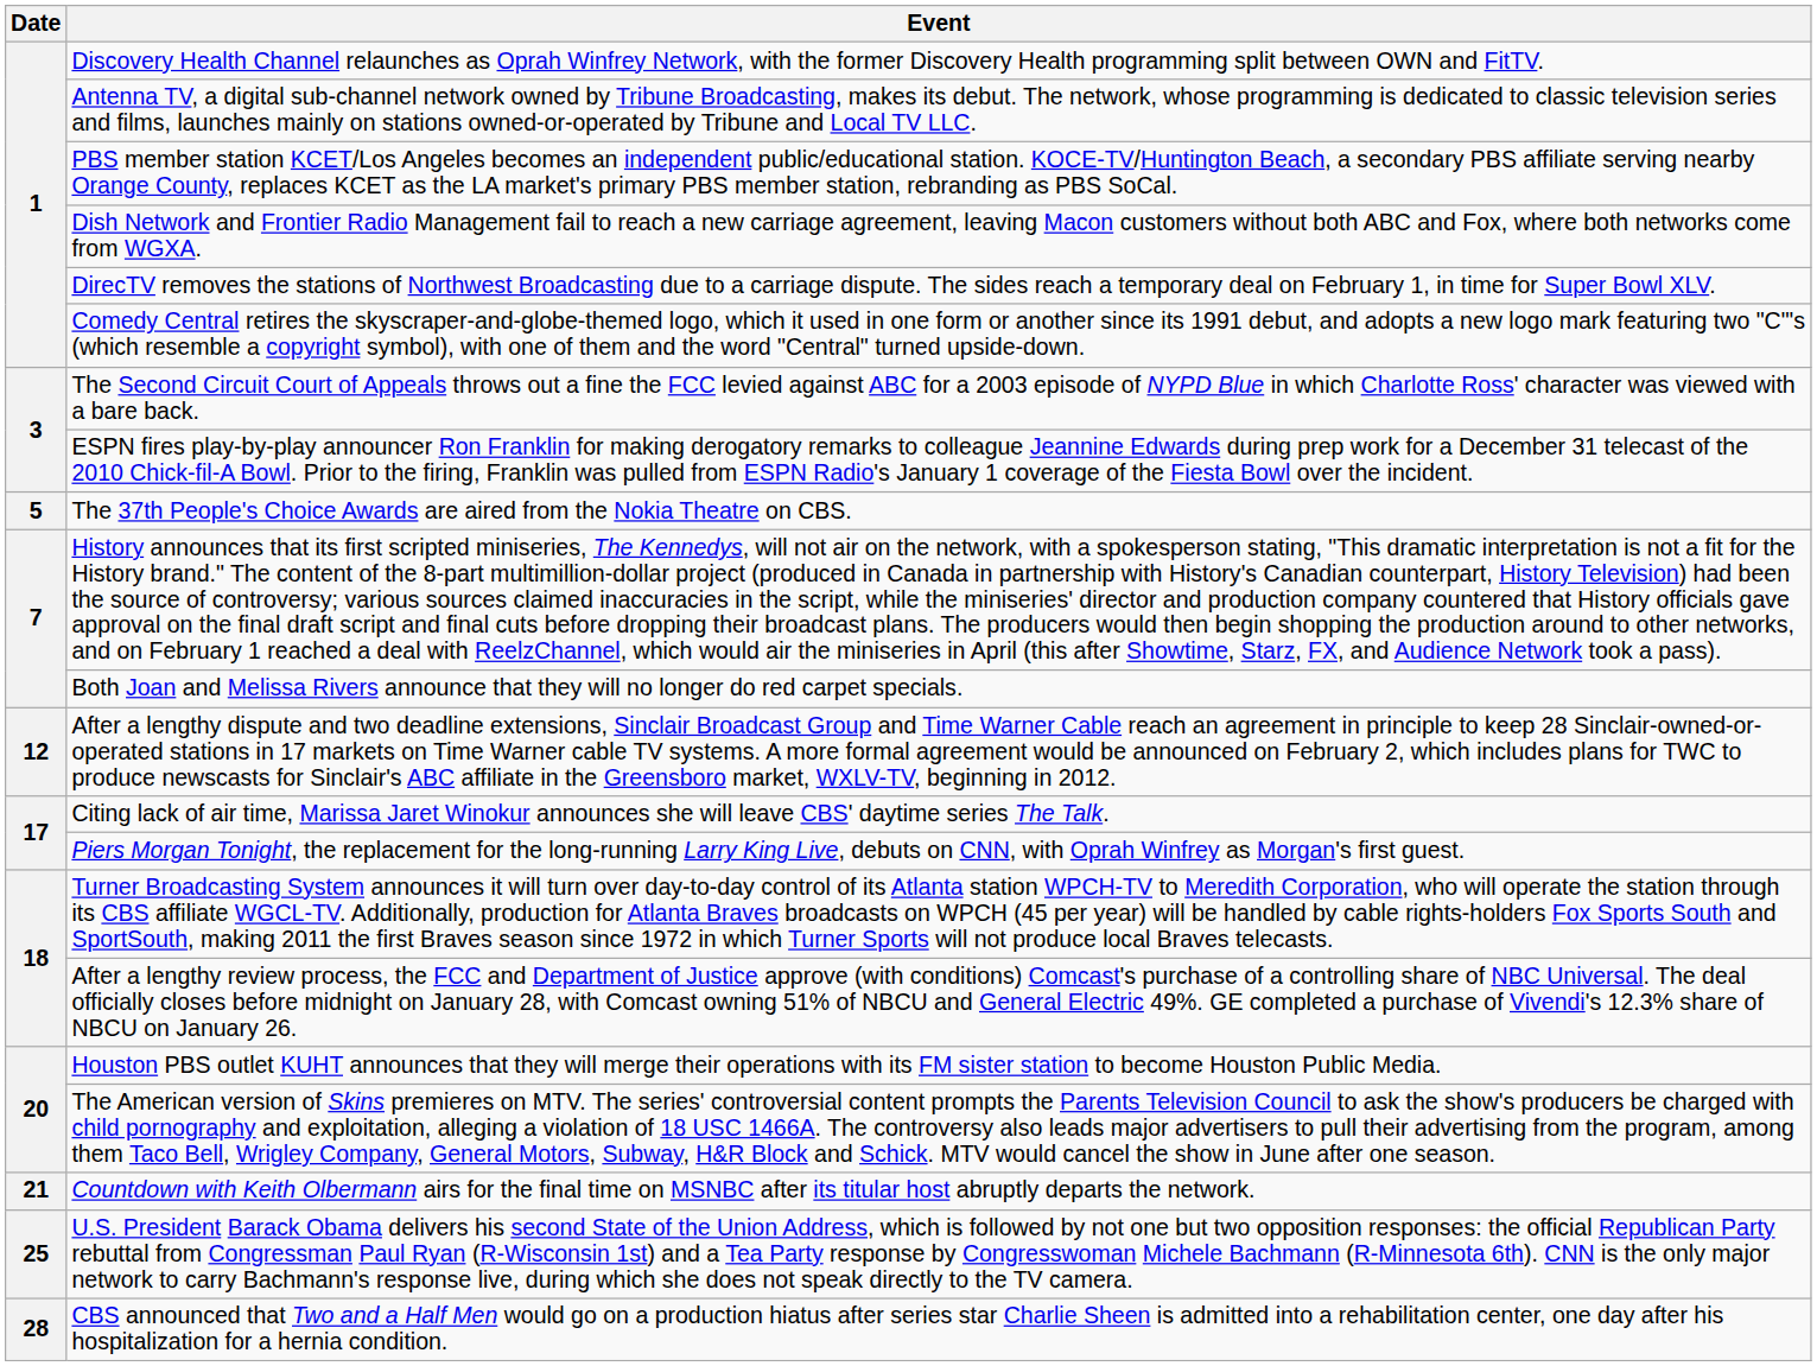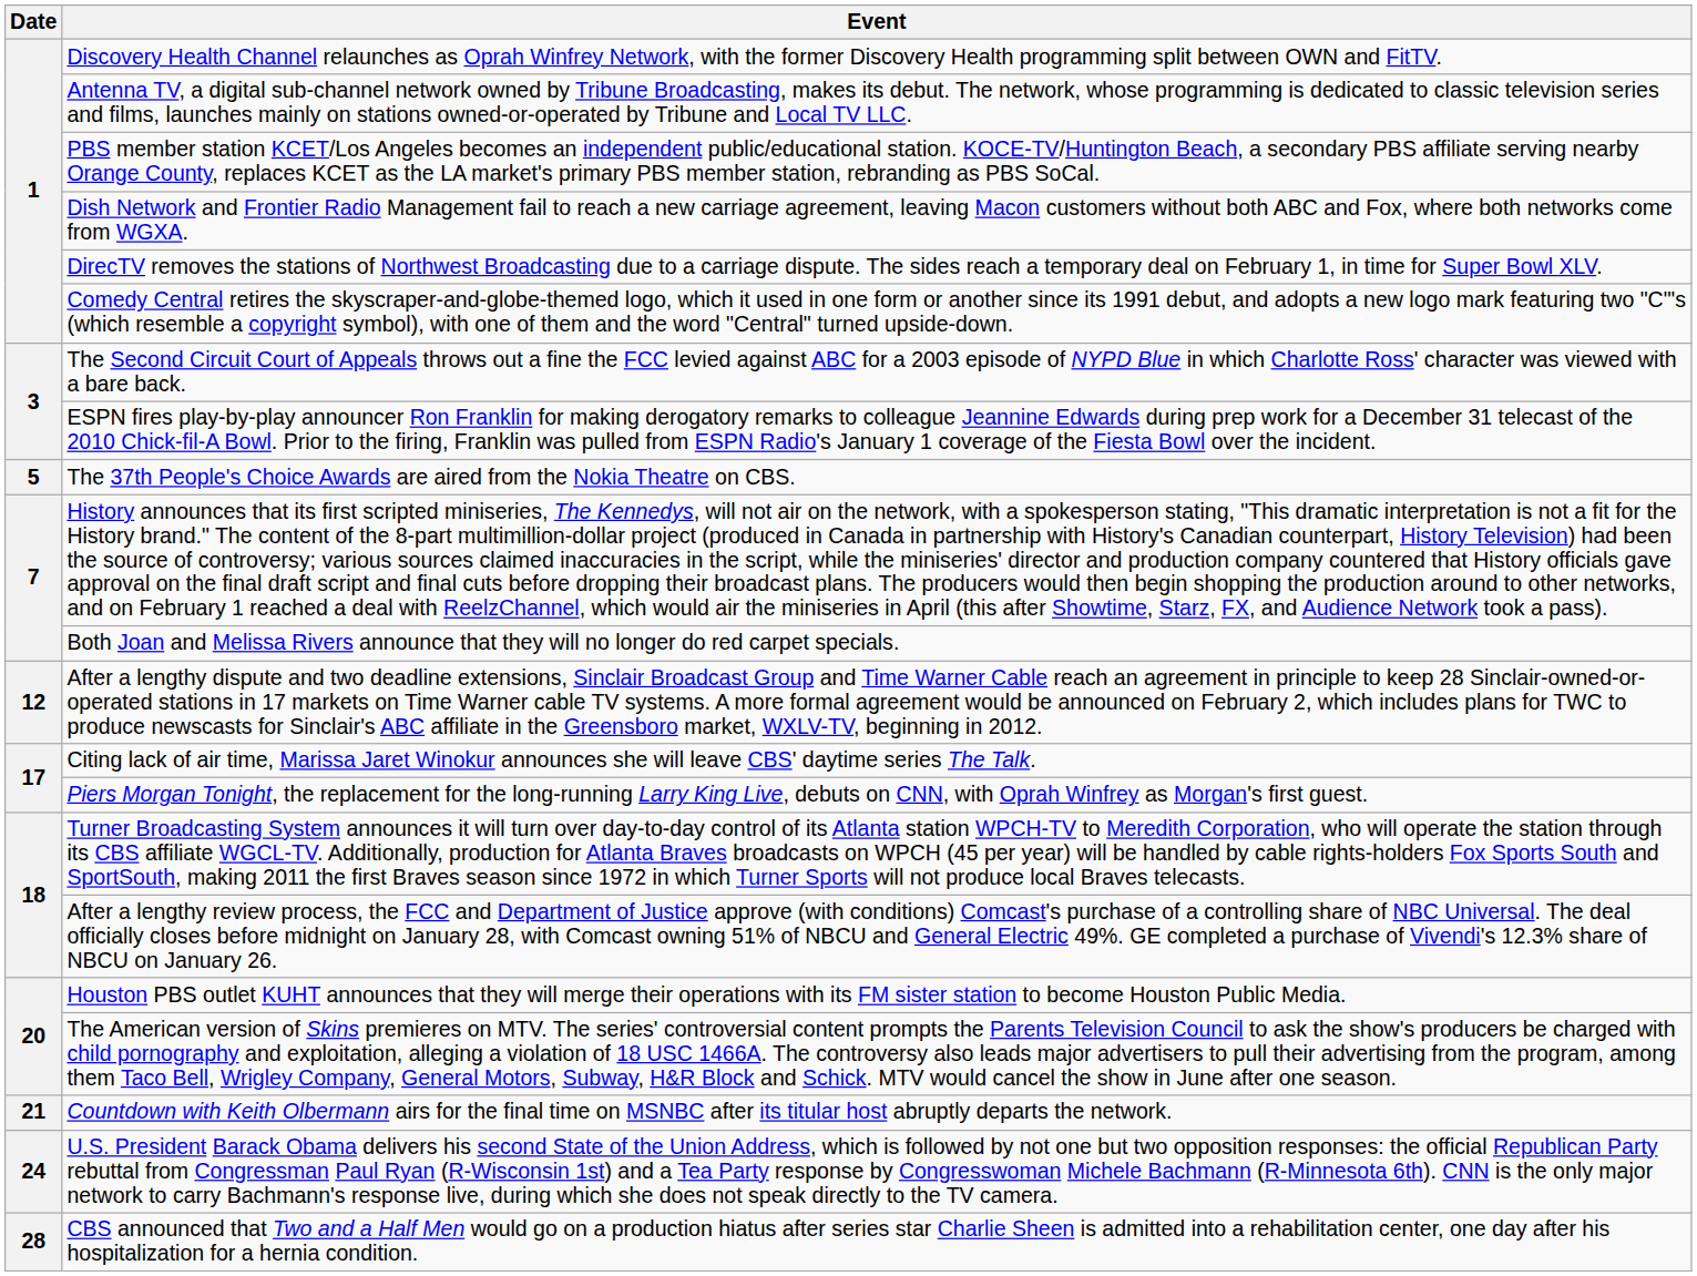 <table class="wikitable">
 <tr>
 <th>Date</th>
 <th>Event</th>
 </tr>
 <tr>
 <th rowspan="6">1</th>
 <td><a href='#'>Discovery Health Channel</a> relaunches as <a href='#'>Oprah Winfrey Network</a>, with the former Discovery Health programming split between OWN and <a href='#'>FitTV</a>.</td>
 </tr>
 <tr>
 <td><a href='#'>Antenna TV</a>, a digital sub-channel network owned by <a href='#'>Tribune Broadcasting</a>, makes its debut. The network, whose programming is dedicated to classic television series and films, launches mainly on stations owned-or-operated by Tribune and <a href='#'>Local TV LLC</a>.</td>
 </tr>
 <tr>
 <td><a href='#'>PBS</a> member station <a href='#'>KCET</a>/Los Angeles becomes an <a href='#'>independent</a> public/educational station. <a href='#'>KOCE-TV</a>/<a href='#'>Huntington Beach</a>, a secondary PBS affiliate serving nearby <a href='#'>Orange County</a>, replaces KCET as the LA market's primary PBS member station, rebranding as PBS SoCal.</td>
 </tr>
 <tr>
 <td><a href='#'>Dish Network</a> and <a href='#'>Frontier Radio</a> Management fail to reach a new carriage agreement, leaving <a href='#'>Macon</a> customers without both ABC and Fox, where both networks come from <a href='#'>WGXA</a>.</td>
 </tr>
 <tr>
 <td><a href='#'>DirecTV</a> removes the stations of <a href='#'>Northwest Broadcasting</a> due to a carriage dispute.  The sides reach a temporary deal on February 1, in time for <a href='#'>Super Bowl XLV</a>.</td>
 </tr>
 <tr>
 <td><a href='#'>Comedy Central</a> retires the skyscraper-and-globe-themed logo, which it used in one form or another since its 1991 debut, and adopts a new logo mark featuring two "C"'s (which resemble a <a href='#'>copyright</a> symbol), with one of them and the word "Central" turned upside-down.</td>
 </tr>
 <tr>
 <th rowspan="2">3</th>
 <td>The <a href='#'>Second Circuit Court of Appeals</a> throws out a fine the <a href='#'>FCC</a> levied against <a href='#'>ABC</a> for a 2003 episode of <em><a href='#'>NYPD Blue</a></em> in which <a href='#'>Charlotte Ross</a>' character was viewed with a bare back.</td>
 </tr>
 <tr>
 <td>ESPN fires play-by-play announcer <a href='#'>Ron Franklin</a> for making derogatory remarks to colleague <a href='#'>Jeannine Edwards</a> during prep work for a December 31 telecast of the <a href='#'>2010 Chick-fil-A Bowl</a>.  Prior to the firing, Franklin was pulled from <a href='#'>ESPN Radio</a>'s January 1 coverage of the <a href='#'>Fiesta Bowl</a> over the incident.</td>
 </tr>
 <tr>
 <th>5</th>
 <td>The <a href='#'>37th People's Choice Awards</a> are aired from the <a href='#'>Nokia Theatre</a> on CBS.</td>
 </tr>
 <tr>
 <th rowspan="2">7</th>
 <td><a href='#'>History</a> announces that its first scripted miniseries, <em><a href='#'>The Kennedys</a></em>, will not air on the network, with a spokesperson stating, "This dramatic interpretation is not a fit for the History brand."  The content of the 8-part multimillion-dollar project (produced in Canada in partnership with History's Canadian counterpart, <a href='#'>History Television</a>) had been the source of controversy; various sources claimed inaccuracies in the script, while the miniseries' director and production company countered that History officials gave approval on the final draft script and final cuts before dropping their broadcast plans.  The producers would then begin shopping the production around to other networks, and on February 1 reached a deal with <a href='#'>ReelzChannel</a>, which would air the miniseries in April (this after <a href='#'>Showtime</a>, <a href='#'>Starz</a>, <a href='#'>FX</a>, and <a href='#'>Audience Network</a> took a pass).</td>
 </tr>
 <tr>
 <td>Both <a href='#'>Joan</a> and <a href='#'>Melissa Rivers</a> announce that they will no longer do red carpet specials.</td>
 </tr>
 <tr>
 <th>12</th>
 <td>After a lengthy dispute and two deadline extensions, <a href='#'>Sinclair Broadcast Group</a> and <a href='#'>Time Warner Cable</a> reach an agreement in principle to keep 28 Sinclair-owned-or-operated stations in 17 markets on Time Warner cable TV systems.  A more formal agreement would be announced on February 2, which includes plans for TWC to produce newscasts for Sinclair's <a href='#'>ABC</a> affiliate in the <a href='#'>Greensboro</a> market, <a href='#'>WXLV-TV</a>, beginning in 2012.</td>
 </tr>
 <tr>
 <th rowspan="2">17</th>
 <td>Citing lack of air time, <a href='#'>Marissa Jaret Winokur</a> announces she will leave <a href='#'>CBS</a>' daytime series <em><a href='#'>The Talk</a></em>.</td>
 </tr>
 <tr>
 <td><em><a href='#'>Piers Morgan Tonight</a></em>, the replacement for the long-running <em><a href='#'>Larry King Live</a></em>, debuts on <a href='#'>CNN</a>, with <a href='#'>Oprah Winfrey</a> as <a href='#'>Morgan</a>'s first guest.</td>
 </tr>
 <tr>
 <th rowspan="2">18</th>
 <td><a href='#'>Turner Broadcasting System</a> announces it will turn over day-to-day control of its <a href='#'>Atlanta</a> station <a href='#'>WPCH-TV</a> to <a href='#'>Meredith Corporation</a>, who will operate the station through its <a href='#'>CBS</a> affiliate <a href='#'>WGCL-TV</a>.  Additionally, production for <a href='#'>Atlanta Braves</a> broadcasts on WPCH (45 per year) will be handled by cable rights-holders <a href='#'>Fox Sports South</a> and <a href='#'>SportSouth</a>, making 2011 the first Braves season since 1972 in which <a href='#'>Turner Sports</a> will not produce local Braves telecasts.</td>
 </tr>
 <tr>
 <td>After a lengthy review process, the <a href='#'>FCC</a> and <a href='#'>Department of Justice</a> approve (with conditions) <a href='#'>Comcast</a>'s purchase of a controlling share of <a href='#'>NBC Universal</a>.  The deal officially closes before midnight on January 28, with Comcast owning 51% of NBCU and <a href='#'>General Electric</a> 49%. GE completed a purchase of <a href='#'>Vivendi</a>'s 12.3% share of NBCU on January 26.</td>
 </tr>
 <tr>
 <th rowspan="2">20</th>
 <td><a href='#'>Houston</a> PBS outlet <a href='#'>KUHT</a> announces that they will merge their operations with its <a href='#'>FM sister station</a> to become Houston Public Media.</td>
 </tr>
 <tr>
 <td>The American version of <em><a href='#'>Skins</a></em> premieres on MTV. The series' controversial content prompts the <a href='#'>Parents Television Council</a> to ask the show's producers be charged with <a href='#'>child pornography</a> and exploitation, alleging a violation of <a href='#'>18 USC 1466A</a>.  The controversy also leads major advertisers to pull their advertising from the program, among them <a href='#'>Taco Bell</a>, <a href='#'>Wrigley Company</a>, <a href='#'>General Motors</a>, <a href='#'>Subway</a>, <a href='#'>H&R Block</a> and <a href='#'>Schick</a>. MTV would cancel the show in June after one season.</td>
 </tr>
 <tr>
 <th>21</th>
 <td><em><a href='#'>Countdown with Keith Olbermann</a></em> airs for the final time on <a href='#'>MSNBC</a> after <a href='#'>its titular host</a> abruptly departs the network.</td>
 </tr>
 <tr>
-<th>25</th>
+<th>24</th>
 <td><a href='#'>U.S. President</a> <a href='#'>Barack Obama</a> delivers his <a href='#'>second State of the Union Address</a>, which is followed by not one but two opposition responses: the official <a href='#'>Republican Party</a> rebuttal from <a href='#'>Congressman</a> <a href='#'>Paul Ryan</a> (<a href='#'>R-Wisconsin 1st</a>) and a <a href='#'>Tea Party</a> response by <a href='#'>Congresswoman</a> <a href='#'>Michele Bachmann</a> (<a href='#'>R-Minnesota 6th</a>). <a href='#'>CNN</a> is the only major network to carry Bachmann's response live, during which she does not speak directly to the TV camera.</td>
 </tr>
 <tr>
 <th>28</th>
 <td><a href='#'>CBS</a> announced that <em><a href='#'>Two and a Half Men</a></em> would go on a production hiatus after series star <a href='#'>Charlie Sheen</a> is admitted into a rehabilitation center, one day after his hospitalization for a hernia condition.</td>
 </tr>
 </table>
